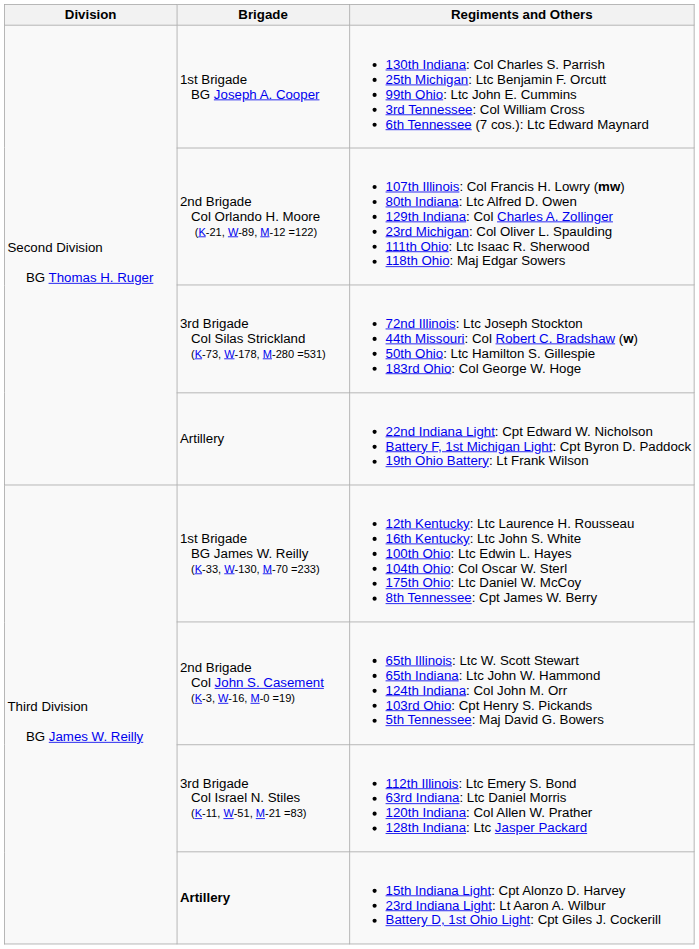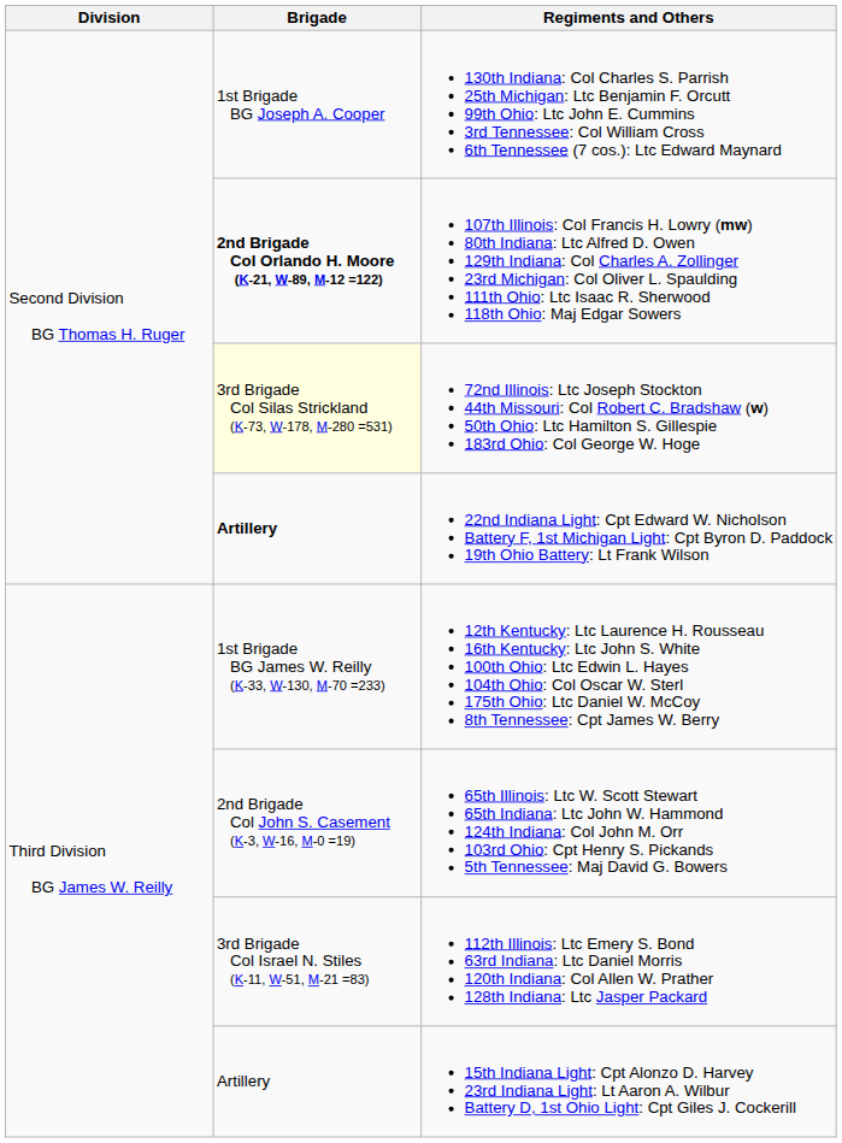 <table class="wikitable">
 <tr>
 <th width=25%>Division</th>
 <th width=25%>Brigade</th>
 <th>Regiments and Others</th>
 </tr>
 <tr>
 <td rowspan=4><br>Second Division<br><br>     BG <a href='#'>Thomas H. Ruger</a></td>
 <td>1st Brigade<br>   BG <a href='#'>Joseph A. Cooper</a></td>
 <td><br><ul><li><a href='#'>130th Indiana</a>: Col Charles S. Parrish</li><li><a href='#'>25th Michigan</a>: Ltc Benjamin F. Orcutt</li><li><a href='#'>99th Ohio</a>: Ltc John E. Cummins</li><li><a href='#'>3rd Tennessee</a>: Col William Cross</li><li><a href='#'>6th Tennessee</a> (7 cos.): Ltc Edward Maynard</li></ul></td>
 </tr>
 <tr>
-<td>2nd Brigade<br>   Col Orlando H. Moore<br>    <small>(<a href='#'>K</a>-21, <a href='#'>W</a>-89, <a href='#'>M</a>-12 =122)</small></td>
+<td><strong>2nd Brigade<br>   Col Orlando H. Moore<br>    <small>(<a href='#'>K</a>-21, <a href='#'>W</a>-89, <a href='#'>M</a>-12 =122)</small></strong></td>
 <td><br><ul><li><a href='#'>107th Illinois</a>: Col Francis H. Lowry (<strong>mw</strong>)</li><li><a href='#'>80th Indiana</a>: Ltc Alfred D. Owen</li><li><a href='#'>129th Indiana</a>: Col <a href='#'>Charles A. Zollinger</a></li><li><a href='#'>23rd Michigan</a>: Col Oliver L. Spaulding</li><li><a href='#'>111th Ohio</a>: Ltc Isaac R. Sherwood</li><li><a href='#'>118th Ohio</a>: Maj Edgar Sowers</li></ul></td>
 </tr>
 <tr>
-<td>3rd Brigade<br>   Col Silas Strickland<br>   <small>(<a href='#'>K</a>-73, <a href='#'>W</a>-178, <a href='#'>M</a>-280 =531)</small></td>
+<td style="background: lightyellow;">3rd Brigade<br>   Col Silas Strickland<br>   <small>(<a href='#'>K</a>-73, <a href='#'>W</a>-178, <a href='#'>M</a>-280 =531)</small></td>
 <td><br><ul><li><a href='#'>72nd Illinois</a>: Ltc Joseph Stockton</li><li><a href='#'>44th Missouri</a>: Col <a href='#'>Robert C. Bradshaw</a> (<strong>w</strong>)</li><li><a href='#'>50th Ohio</a>: Ltc Hamilton S. Gillespie</li><li><a href='#'>183rd Ohio</a>: Col George W. Hoge</li></ul></td>
 </tr>
 <tr>
-<td>Artillery</td>
+<td><strong>Artillery</strong></td>
 <td><br><ul><li><a href='#'>22nd Indiana Light</a>: Cpt Edward W. Nicholson</li><li><a href='#'>Battery F, 1st Michigan Light</a>: Cpt Byron D. Paddock</li><li><a href='#'>19th Ohio Battery</a>: Lt Frank Wilson</li></ul></td>
 </tr>
 <tr>
 <td rowspan=4><br>Third Division<br><br>     BG <a href='#'>James W. Reilly</a></td>
 <td>1st Brigade<br>   BG James W. Reilly<br>   <small>(<a href='#'>K</a>-33, <a href='#'>W</a>-130, <a href='#'>M</a>-70 =233)</small></td>
 <td><br><ul><li><a href='#'>12th Kentucky</a>: Ltc Laurence H. Rousseau</li><li><a href='#'>16th Kentucky</a>: Ltc John S. White</li><li><a href='#'>100th Ohio</a>: Ltc Edwin L. Hayes</li><li><a href='#'>104th Ohio</a>: Col Oscar W. Sterl</li><li><a href='#'>175th Ohio</a>: Ltc Daniel W. McCoy</li><li><a href='#'>8th Tennessee</a>: Cpt James W. Berry</li></ul></td>
 </tr>
 <tr>
 <td>2nd Brigade<br>   Col <a href='#'>John S. Casement</a><br>   <small>(<a href='#'>K</a>-3, <a href='#'>W</a>-16, <a href='#'>M</a>-0 =19)</small></td>
 <td><br><ul><li><a href='#'>65th Illinois</a>: Ltc W. Scott Stewart</li><li><a href='#'>65th Indiana</a>: Ltc John W. Hammond</li><li><a href='#'>124th Indiana</a>: Col John M. Orr</li><li><a href='#'>103rd Ohio</a>: Cpt Henry S. Pickands</li><li><a href='#'>5th Tennessee</a>: Maj David G. Bowers</li></ul></td>
 </tr>
 <tr>
 <td>3rd Brigade<br>   Col Israel N. Stiles<br>   <small>(<a href='#'>K</a>-11, <a href='#'>W</a>-51, <a href='#'>M</a>-21 =83)</small></td>
 <td><br><ul><li><a href='#'>112th Illinois</a>: Ltc Emery S. Bond</li><li><a href='#'>63rd Indiana</a>: Ltc Daniel Morris</li><li><a href='#'>120th Indiana</a>: Col Allen W. Prather</li><li><a href='#'>128th Indiana</a>: Ltc <a href='#'>Jasper Packard</a></li></ul></td>
 </tr>
 <tr>
-<td><strong>Artillery</strong></td>
+<td>Artillery</td>
 <td><br><ul><li><a href='#'>15th Indiana Light</a>: Cpt Alonzo D. Harvey</li><li><a href='#'>23rd Indiana Light</a>: Lt Aaron A. Wilbur</li><li><a href='#'>Battery D, 1st Ohio Light</a>: Cpt Giles J. Cockerill</li></ul></td>
 </tr>
 </table>
